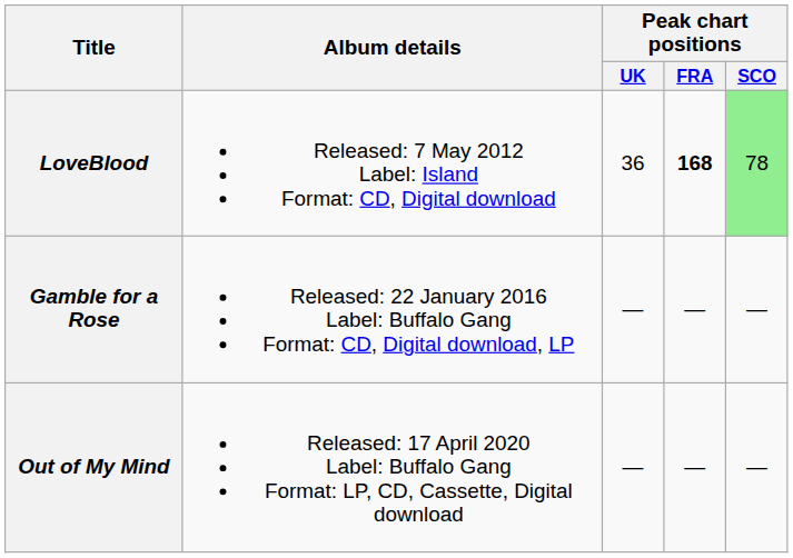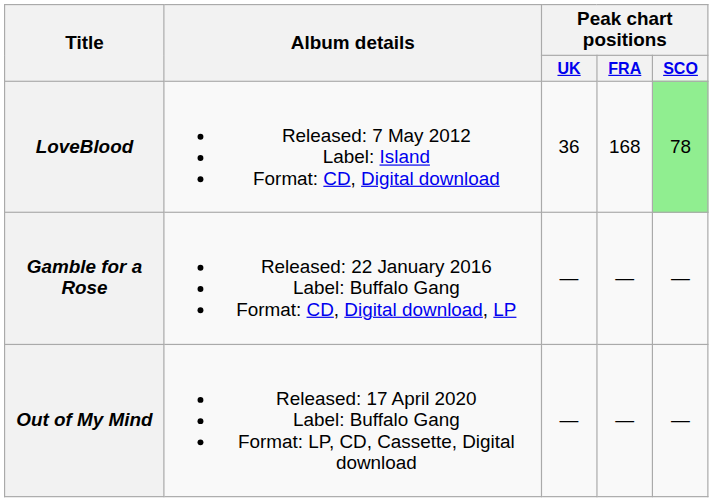 <table class="wikitable plainrowheaders" style="text-align:center;">
 <tr>
 <th scope="col" rowspan="2" style="width:8em;">Title</th>
 <th scope="col" rowspan="2" style="width:19.5em;">Album details</th>
 <th scope="col" colspan="3">Peak chart positions</th>
 </tr>
 <tr>
 <th style="width:3em;font-size:85%;"><a href='#'>UK</a><br></th>
 <th scope="col" style="width:3em;font-size:85%;"><a href='#'>FRA</a><br></th>
 <th scope="col" style="width:3em;font-size:85%;"><a href='#'>SCO</a><br></th>
 </tr>
 <tr>
 <th scope="row"><em>LoveBlood</em></th>
 <td><br><ul><li>Released: 7 May 2012</li><li>Label: <a href='#'>Island</a></li><li>Format: <a href='#'>CD</a>, <a href='#'>Digital download</a></li></ul></td>
 <td>36</td>
-<td><strong>168</strong></td>
+<td>168</td>
 <td style="background: lightgreen;">78</td>
 </tr>
 <tr>
 <th scope="row"><em>Gamble for a Rose</em></th>
 <td><br><ul><li>Released: 22 January 2016</li><li>Label: Buffalo Gang</li><li>Format: <a href='#'>CD</a>, <a href='#'>Digital download</a>, <a href='#'>LP</a></li></ul></td>
 <td>—</td>
 <td>—</td>
 <td>—</td>
 </tr>
 <tr>
 <th scope="row"><em>Out of My Mind</em></th>
 <td><br><ul><li>Released: 17 April 2020</li><li>Label: Buffalo Gang</li><li>Format: LP, CD, Cassette, Digital download</li></ul></td>
 <td>—</td>
 <td>—</td>
 <td>—</td>
 </tr>
 </table>
